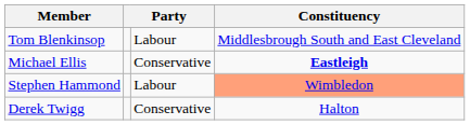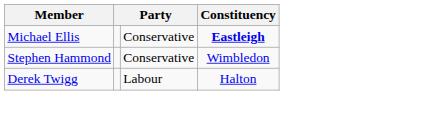 <table class="wikitable">
 <tr>
 <th valign="top">Member</th>
 <th colspan="2" valign="top">Party</th>
 <th valign="top">Constituency</th>
-</tr>
-<tr>
-<td><a href='#'>Tom Blenkinsop</a></td>
-<td style="color:inherit;background:"></td>
-<td>Labour</td>
-<td style="text-align:center"><a href='#'>Middlesbrough South and East Cleveland</a></td>
 </tr>
 <tr>
 <td><a href='#'>Michael Ellis</a></td>
 <td style="color:inherit;background:"></td>
 <td>Conservative</td>
 <td style="text-align:center"><strong><a href='#'>Eastleigh</a></strong></td>
 </tr>
 <tr>
 <td><a href='#'>Stephen Hammond</a></td>
 <td style="color:inherit;background:"></td>
-<td>Labour</td>
-<td style="background: lightsalmon; text-align:center"><a href='#'>Wimbledon</a></td>
+<td>Conservative</td>
+<td style="text-align:center"><a href='#'>Wimbledon</a></td>
 </tr>
 <tr>
 <td><a href='#'>Derek Twigg</a></td>
 <td style="color:inherit;background:"></td>
-<td>Conservative</td>
+<td>Labour</td>
 <td style="text-align:center"><a href='#'>Halton</a></td>
 </tr>
 </table>
